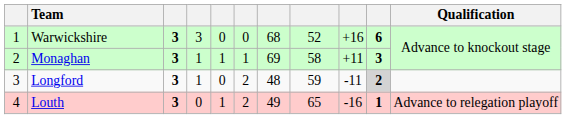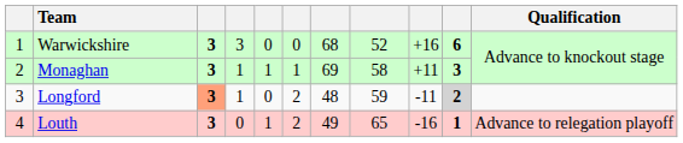 <table class="wikitable" style="text-align:center">
 <tr>
 <th width=20></th>
 <th width=150 style="text-align:left;">Team</th>
 <th width=20></th>
 <th width=20></th>
 <th width=20></th>
 <th width=20></th>
 <th width=30></th>
 <th width=50></th>
 <th width=20></th>
 <th width=20></th>
 <th>Qualification</th>
 </tr>
 <tr style="background:#ccffcc">
 <td>1</td>
 <td align=left> Warwickshire</td>
 <td><strong>3</strong></td>
 <td>3</td>
 <td>0</td>
 <td>0</td>
 <td>68</td>
 <td>52</td>
 <td>+16</td>
 <td><strong>6</strong></td>
 <td rowspan="2">Advance to knockout stage</td>
 </tr>
 <tr style="background:#ccffcc">
 <td>2</td>
 <td align=left> <a href='#'>Monaghan</a></td>
 <td><strong>3</strong></td>
 <td>1</td>
 <td>1</td>
 <td>1</td>
 <td>69</td>
 <td>58</td>
 <td>+11</td>
 <td><strong>3</strong></td>
 </tr>
 <tr>
 <td>3</td>
 <td align=left><a href='#'>Longford</a></td>
-<td><strong>3</strong></td>
+<td style="background: lightsalmon;"><strong>3</strong></td>
 <td>1</td>
 <td>0</td>
 <td>2</td>
 <td>48</td>
 <td>59</td>
 <td>-11</td>
 <td style="background: lightgrey;"><strong>2</strong></td>
 <td></td>
 </tr>
 <tr style="background:#ffcccc">
 <td>4</td>
 <td align=left><a href='#'>Louth</a></td>
 <td><strong>3</strong></td>
 <td>0</td>
 <td>1</td>
 <td>2</td>
 <td>49</td>
 <td>65</td>
 <td>-16</td>
 <td><strong>1</strong></td>
 <td>Advance to relegation playoff</td>
 </tr>
 </table>
